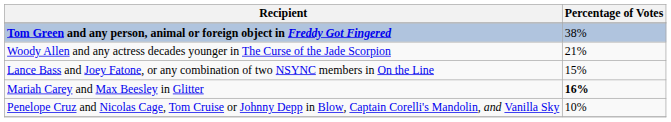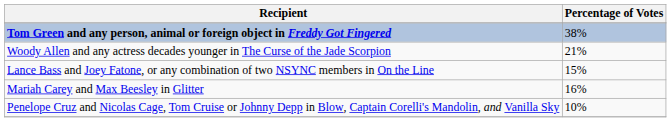 <table class="wikitable sortable plainrowheaders" align="centre">
 <tr>
 <th>Recipient</th>
 <th>Percentage of Votes</th>
 </tr>
 <tr>
 </tr>
 <tr style="background:#B0C4DE;">
 <td><strong><a href='#'>Tom Green</a> and any person, animal or foreign object in <em><a href='#'>Freddy Got Fingered</a><strong><em></td>
 <td></strong>38%<strong></td>
 </tr>
 <tr>
 <td><a href='#'>Woody Allen</a> and any actress decades younger in </em><a href='#'>The Curse of the Jade Scorpion</a><em></td>
 <td>21%</td>
 </tr>
 <tr>
 <td><a href='#'>Lance Bass</a> and <a href='#'>Joey Fatone</a>, or any combination of two <a href='#'>NSYNC</a> members in </em><a href='#'>On the Line</a><em></td>
 <td>15%</td>
 </tr>
 <tr>
 <td><a href='#'>Mariah Carey</a> and <a href='#'>Max Beesley</a> in </em><a href='#'>Glitter</a><em></td>
-<td><strong>16%</strong></td>
+<td>16%</td>
 </tr>
 <tr>
 <td><a href='#'>Penelope Cruz</a> and <a href='#'>Nicolas Cage</a>, <a href='#'>Tom Cruise</a> or <a href='#'>Johnny Depp</a> in </em><a href='#'>Blow</a><em>, </em><a href='#'>Captain Corelli's Mandolin</a><em>, and </em><a href='#'>Vanilla Sky</a><em></td>
 <td>10%</td>
 </tr>
 <tr>
 </tr>
 </table>
